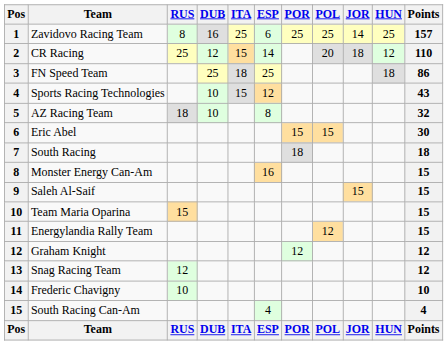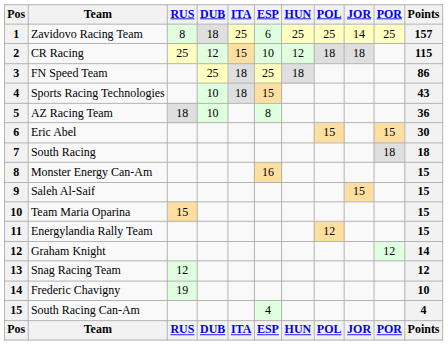 <table class="wikitable" style="font-size: 85%; text-align: center; display: inline-table;">
 <tr valign="top">
 <th valign="middle">Pos</th>
 <th valign="middle">Team</th>
 <th><a href='#'>RUS</a><br></th>
 <th><a href='#'>DUB</a><br></th>
 <th><a href='#'>ITA</a><br></th>
 <th><a href='#'>ESP</a><br></th>
-<th><a href='#'>POR</a><br></th>
+<th><a href='#'>HUN</a><br></th>
 <th><a href='#'>POL</a><br></th>
 <th><a href='#'>JOR</a><br></th>
-<th><a href='#'>HUN</a><br></th>
+<th><a href='#'>POR</a><br></th>
 <th valign="middle">Points</th>
 </tr>
 <tr>
 <th>1</th>
 <td align=left> Zavidovo Racing Team</td>
 <td style="background:#dfffdf;">8</td>
-<td style="background:#dfdfdf;">16</td>
+<td style="background:#dfdfdf;">18</td>
 <td style="background:#ffffbf;">25</td>
 <td style="background:#dfffdf;">6</td>
 <td style="background:#ffffbf;">25</td>
 <td style="background:#ffffbf;">25</td>
 <td style="background:#ffffbf;">14</td>
 <td style="background:#ffffbf;">25</td>
 <th>157</th>
 </tr>
 <tr>
 <th>2</th>
 <td align=left> CR Racing</td>
 <td style="background:#ffffbf;">25</td>
 <td style="background:#dfffdf;">12</td>
 <td style="background:#ffdf9f;">15</td>
-<td style="background:#dfffdf;">14</td>
+<td style="background:#dfffdf;">10</td>
+<td style="background:#dfffdf;">12</td>
+<td style="background:#dfdfdf;">18</td>
+<td style="background:#dfdfdf;">18</td>
 <td></td>
-<td style="background:#dfdfdf;">20</td>
-<td style="background:#dfdfdf;">18</td>
-<td style="background:#dfffdf;">12</td>
-<th>110</th>
+<th>115</th>
 </tr>
 <tr>
 <th>3</th>
 <td align=left> FN Speed Team</td>
 <td></td>
 <td style="background:#ffffbf;">25</td>
 <td style="background:#dfdfdf;">18</td>
 <td style="background:#ffffbf;">25</td>
+<td style="background:#dfdfdf;">18</td>
 <td></td>
 <td></td>
 <td></td>
-<td style="background:#dfdfdf;">18</td>
 <th>86</th>
 </tr>
 <tr>
 <th>4</th>
 <td align=left> Sports Racing Technologies</td>
 <td></td>
 <td style="background:#dfffdf;">10</td>
-<td style="background:#dfdfdf;">15</td>
-<td style="background:#ffdf9f;">12</td>
+<td style="background:#dfdfdf;">18</td>
+<td style="background:#ffdf9f;">15</td>
 <td></td>
 <td></td>
 <td></td>
 <td></td>
 <th>43</th>
 </tr>
 <tr>
 <th>5</th>
 <td align=left> AZ Racing Team</td>
 <td style="background:#dfdfdf;">18</td>
 <td style="background:#dfffdf;">10</td>
 <td></td>
 <td style="background:#dfffdf;">8</td>
 <td></td>
 <td></td>
 <td></td>
 <td></td>
-<th>32</th>
+<th>36</th>
 </tr>
 <tr>
 <th>6</th>
 <td align=left> Eric Abel</td>
 <td></td>
 <td></td>
 <td></td>
 <td></td>
-<td style="background:#ffdf9f;">15</td>
+<td></td>
 <td style="background:#ffdf9f;">15</td>
 <td></td>
-<td></td>
+<td style="background:#ffdf9f;">15</td>
 <th>30</th>
 </tr>
 <tr>
 <th>7</th>
 <td align=left> South Racing</td>
 <td></td>
 <td></td>
 <td></td>
 <td></td>
-<td style="background:#dfdfdf;">18</td>
 <td></td>
 <td></td>
 <td></td>
+<td style="background:#dfdfdf;">18</td>
 <th>18</th>
 </tr>
 <tr>
 <th>8</th>
 <td align=left> Monster Energy Can-Am</td>
 <td></td>
 <td></td>
 <td></td>
 <td style="background:#ffdf9f;">16</td>
 <td></td>
 <td></td>
 <td></td>
 <td></td>
 <th>15</th>
 </tr>
 <tr>
 <th>9</th>
 <td align=left> Saleh Al-Saif</td>
 <td></td>
 <td></td>
 <td></td>
 <td></td>
 <td></td>
 <td></td>
 <td style="background:#ffdf9f;">15</td>
 <td></td>
 <th>15</th>
 </tr>
 <tr>
 <th>10</th>
 <td align=left> Team Maria Oparina</td>
 <td style="background:#ffdf9f;">15</td>
 <td></td>
 <td></td>
 <td></td>
 <td></td>
 <td></td>
 <td></td>
 <td></td>
 <th>15</th>
 </tr>
 <tr>
 <th>11</th>
 <td align=left> Energylandia Rally Team</td>
 <td></td>
 <td></td>
 <td></td>
 <td></td>
 <td></td>
 <td style="background:#ffdf9f;">12</td>
 <td></td>
 <td></td>
 <th>15</th>
 </tr>
 <tr>
 <th>12</th>
 <td align=left> Graham Knight</td>
 <td></td>
 <td></td>
 <td></td>
 <td></td>
-<td style="background:#dfffdf;">12</td>
 <td></td>
 <td></td>
 <td></td>
-<th>12</th>
+<td style="background:#dfffdf;">12</td>
+<th>14</th>
 </tr>
 <tr>
 <th>13</th>
 <td align=left> Snag Racing Team</td>
 <td style="background:#dfffdf;">12</td>
 <td></td>
 <td></td>
 <td></td>
 <td></td>
 <td></td>
 <td></td>
 <td></td>
 <th>12</th>
 </tr>
 <tr>
 <th>14</th>
 <td align=left> Frederic Chavigny</td>
-<td style="background:#dfffdf;">10</td>
+<td style="background:#dfffdf;">19</td>
 <td></td>
 <td></td>
 <td></td>
 <td></td>
 <td></td>
 <td></td>
 <td></td>
 <th>10</th>
 </tr>
 <tr>
 <th>15</th>
 <td align=left> South Racing Can-Am</td>
 <td></td>
 <td></td>
 <td></td>
 <td style="background:#dfffdf;">4</td>
 <td></td>
 <td></td>
 <td></td>
 <td></td>
 <th>4</th>
 </tr>
 <tr valign="top">
 <th valign="middle">Pos</th>
 <th valign="middle">Team</th>
 <th><a href='#'>RUS</a><br></th>
 <th><a href='#'>DUB</a><br></th>
 <th><a href='#'>ITA</a><br></th>
 <th><a href='#'>ESP</a><br></th>
-<th><a href='#'>POR</a><br></th>
+<th><a href='#'>HUN</a><br></th>
 <th><a href='#'>POL</a><br></th>
 <th><a href='#'>JOR</a><br></th>
-<th><a href='#'>HUN</a><br></th>
+<th><a href='#'>POR</a><br></th>
 <th valign="middle">Points</th>
 </tr>
 </table>
